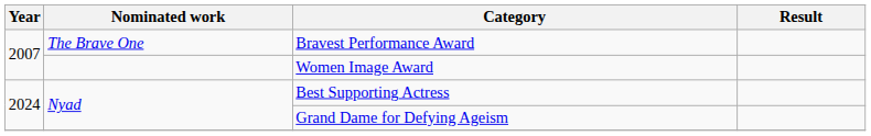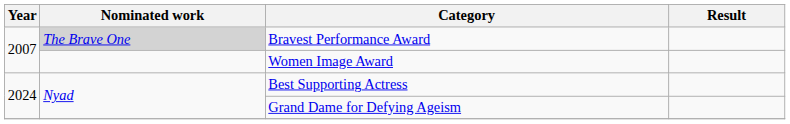 <table class=wikitable>
 <tr>
 <th width=4%>Year</th>
 <th width=29%>Nominated work</th>
 <th width=52%>Category</th>
 <th width=15%>Result</th>
 </tr>
 <tr>
 <td rowspan=2>2007</td>
-<td><em><a href='#'>The Brave One</a></em></td>
+<td style="background: lightgrey;"><em><a href='#'>The Brave One</a></em></td>
 <td><a href='#'>Bravest Performance Award</a></td>
 <td></td>
 </tr>
 <tr>
 <td></td>
 <td><a href='#'>Women Image Award</a></td>
 <td></td>
 </tr>
 <tr>
 <td rowspan=2>2024</td>
 <td rowspan=2><em><a href='#'>Nyad</a></em></td>
 <td><a href='#'>Best Supporting Actress</a></td>
 <td></td>
 </tr>
 <tr>
 <td><a href='#'>Grand Dame for Defying Ageism</a></td>
 <td></td>
 </tr>
 <tr>
 </tr>
 </table>
